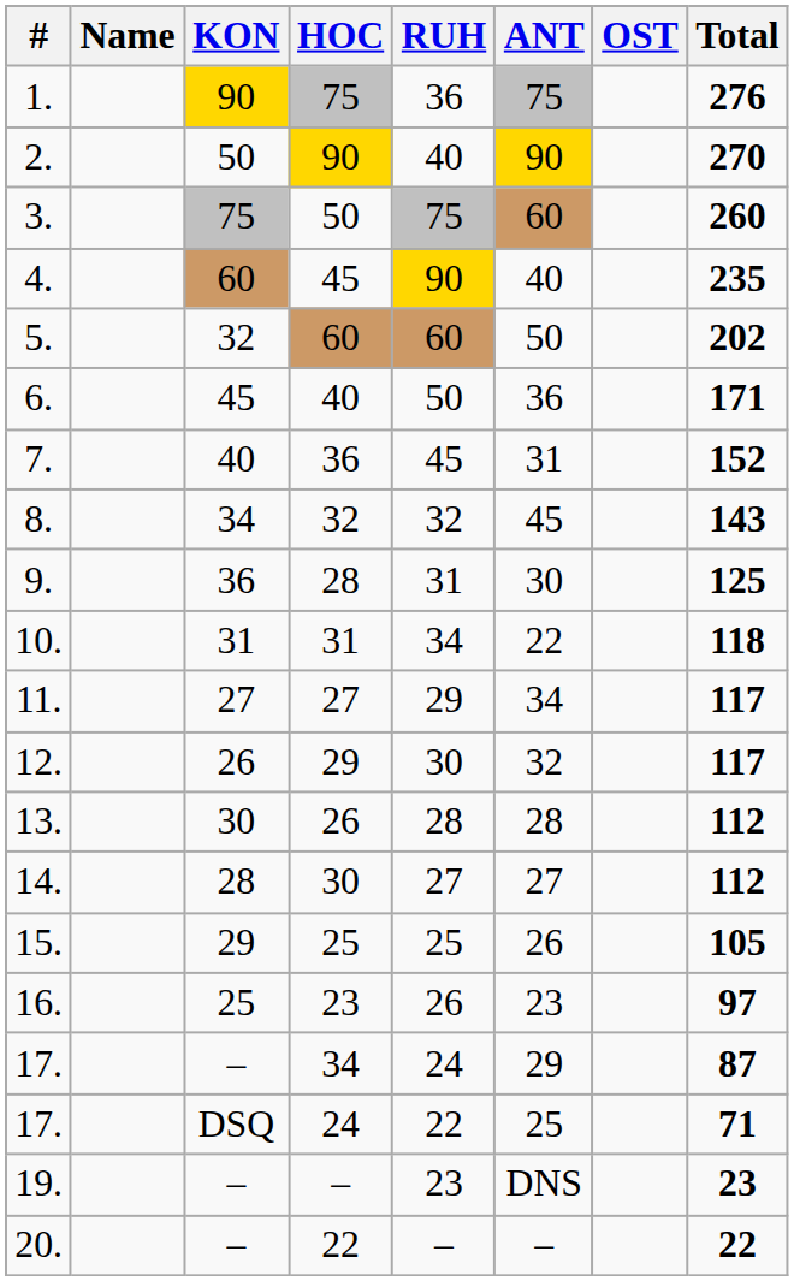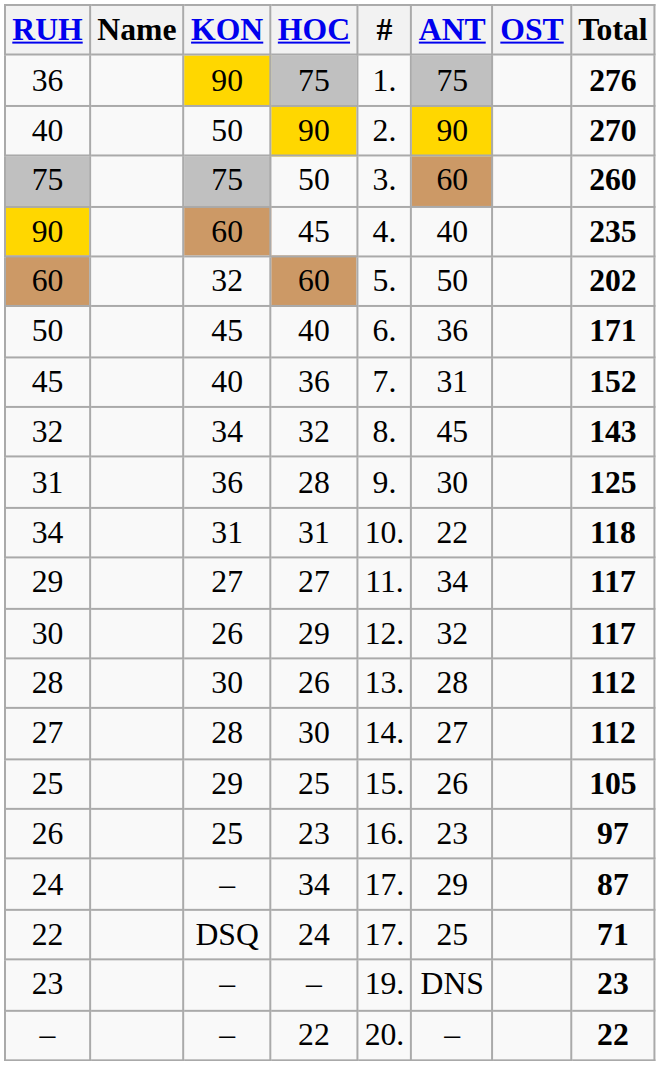 <table class="wikitable" style="text-align:center;">
 <tr>
-<th>#</th>
+<th><a href='#'>RUH</a></th>
 <th>Name</th>
 <th><a href='#'>KON</a></th>
 <th><a href='#'>HOC</a></th>
-<th><a href='#'>RUH</a></th>
+<th>#</th>
 <th><a href='#'>ANT</a></th>
 <th><a href='#'>OST</a></th>
 <th><strong>Total</strong></th>
 </tr>
 <tr>
-<td>1.</td>
+<td>36</td>
 <td align="left"></td>
 <td bgcolor="gold">90</td>
 <td bgcolor="silver">75</td>
-<td>36</td>
+<td>1.</td>
 <td bgcolor="silver">75</td>
 <td></td>
 <td><strong>276</strong></td>
 </tr>
 <tr>
-<td>2.</td>
+<td>40</td>
 <td align="left"></td>
 <td>50</td>
 <td bgcolor="gold">90</td>
-<td>40</td>
+<td>2.</td>
 <td bgcolor="gold">90</td>
 <td></td>
 <td><strong>270</strong></td>
 </tr>
 <tr>
-<td>3.</td>
+<td bgcolor="silver">75</td>
 <td align="left"></td>
 <td bgcolor="silver">75</td>
 <td>50</td>
-<td bgcolor="silver">75</td>
+<td>3.</td>
 <td bgcolor="CC9966">60</td>
 <td></td>
 <td><strong>260</strong></td>
 </tr>
 <tr>
-<td>4.</td>
+<td bgcolor="gold">90</td>
 <td align="left"></td>
 <td bgcolor="CC9966">60</td>
 <td>45</td>
-<td bgcolor="gold">90</td>
+<td>4.</td>
 <td>40</td>
 <td></td>
 <td><strong>235</strong></td>
 </tr>
 <tr>
-<td>5.</td>
+<td bgcolor="CC9966">60</td>
 <td align="left"></td>
 <td>32</td>
 <td bgcolor="CC9966">60</td>
-<td bgcolor="CC9966">60</td>
+<td>5.</td>
 <td>50</td>
 <td></td>
 <td><strong>202</strong></td>
 </tr>
 <tr>
-<td>6.</td>
+<td>50</td>
 <td align="left"></td>
 <td>45</td>
 <td>40</td>
-<td>50</td>
+<td>6.</td>
 <td>36</td>
 <td></td>
 <td><strong>171</strong></td>
 </tr>
 <tr>
-<td>7.</td>
+<td>45</td>
 <td align="left"></td>
 <td>40</td>
 <td>36</td>
-<td>45</td>
+<td>7.</td>
 <td>31</td>
 <td></td>
 <td><strong>152</strong></td>
 </tr>
 <tr>
-<td>8.</td>
+<td>32</td>
 <td align="left"></td>
 <td>34</td>
 <td>32</td>
-<td>32</td>
+<td>8.</td>
 <td>45</td>
 <td></td>
 <td><strong>143</strong></td>
 </tr>
 <tr>
-<td>9.</td>
+<td>31</td>
 <td align="left"></td>
 <td>36</td>
 <td>28</td>
-<td>31</td>
+<td>9.</td>
 <td>30</td>
 <td></td>
 <td><strong>125</strong></td>
 </tr>
 <tr>
-<td>10.</td>
+<td>34</td>
 <td align="left"></td>
 <td>31</td>
 <td>31</td>
-<td>34</td>
+<td>10.</td>
 <td>22</td>
 <td></td>
 <td><strong>118</strong></td>
 </tr>
 <tr>
-<td>11.</td>
+<td>29</td>
 <td align="left"></td>
 <td>27</td>
 <td>27</td>
-<td>29</td>
+<td>11.</td>
 <td>34</td>
 <td></td>
 <td><strong>117</strong></td>
 </tr>
 <tr>
-<td>12.</td>
+<td>30</td>
 <td align="left"></td>
 <td>26</td>
 <td>29</td>
-<td>30</td>
+<td>12.</td>
 <td>32</td>
 <td></td>
 <td><strong>117</strong></td>
 </tr>
 <tr>
-<td>13.</td>
+<td>28</td>
 <td align="left"></td>
 <td>30</td>
 <td>26</td>
-<td>28</td>
+<td>13.</td>
 <td>28</td>
 <td></td>
 <td><strong>112</strong></td>
 </tr>
 <tr>
-<td>14.</td>
+<td>27</td>
 <td align="left"></td>
 <td>28</td>
 <td>30</td>
-<td>27</td>
+<td>14.</td>
 <td>27</td>
 <td></td>
 <td><strong>112</strong></td>
 </tr>
 <tr>
-<td>15.</td>
+<td>25</td>
 <td align="left"></td>
 <td>29</td>
 <td>25</td>
-<td>25</td>
+<td>15.</td>
 <td>26</td>
 <td></td>
 <td><strong>105</strong></td>
 </tr>
 <tr>
-<td>16.</td>
+<td>26</td>
 <td align="left"></td>
 <td>25</td>
 <td>23</td>
-<td>26</td>
+<td>16.</td>
 <td>23</td>
 <td></td>
 <td><strong>97</strong></td>
 </tr>
 <tr>
-<td>17.</td>
+<td>24</td>
 <td align="left"></td>
 <td>–</td>
 <td>34</td>
-<td>24</td>
+<td>17.</td>
 <td>29</td>
 <td></td>
 <td><strong>87</strong></td>
 </tr>
 <tr>
-<td>17.</td>
+<td>22</td>
 <td align="left"></td>
 <td>DSQ</td>
 <td>24</td>
-<td>22</td>
+<td>17.</td>
 <td>25</td>
 <td></td>
 <td><strong>71</strong></td>
 </tr>
 <tr>
-<td>19.</td>
+<td>23</td>
 <td align="left"></td>
 <td>–</td>
 <td>–</td>
-<td>23</td>
+<td>19.</td>
 <td>DNS</td>
 <td></td>
 <td><strong>23</strong></td>
 </tr>
 <tr>
-<td>20.</td>
+<td>–</td>
 <td align="left"></td>
 <td>–</td>
 <td>22</td>
-<td>–</td>
+<td>20.</td>
 <td>–</td>
 <td></td>
 <td><strong>22</strong></td>
 </tr>
 </table>
